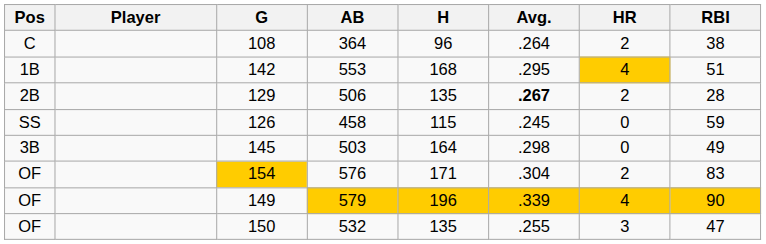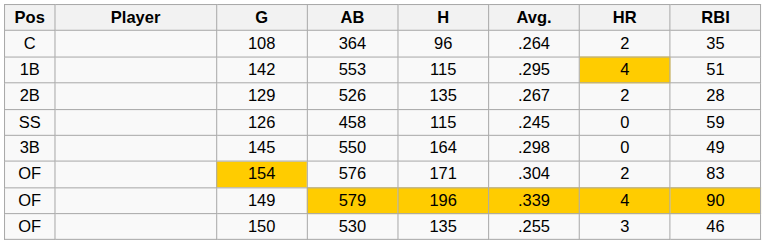 <table class="wikitable sortable">
 <tr>
 <th bgcolor="#DDDDFF" width="5%">Pos</th>
 <th bgcolor="#DDDDFF" width="16%">Player</th>
 <th bgcolor="#DDDDFF" width="9%">G</th>
 <th bgcolor="#DDDDFF" width="9%">AB</th>
 <th bgcolor="#DDDDFF" width="9%">H</th>
 <th bgcolor="#DDDDFF" width="9%">Avg.</th>
 <th bgcolor="#DDDDFF" width="9%">HR</th>
 <th bgcolor="#DDDDFF" width="9%">RBI</th>
 </tr>
 <tr align="center">
 <td>C</td>
 <td></td>
 <td>108</td>
 <td>364</td>
 <td>96</td>
 <td>.264</td>
 <td>2</td>
-<td>38</td>
+<td>35</td>
 </tr>
 <tr align="center">
 <td>1B</td>
 <td></td>
 <td>142</td>
 <td>553</td>
-<td>168</td>
+<td>115</td>
 <td>.295</td>
 <td style="background:#fc0;">4</td>
 <td>51</td>
 </tr>
 <tr align="center">
 <td>2B</td>
 <td></td>
 <td>129</td>
-<td>506</td>
+<td>526</td>
 <td>135</td>
-<td><strong>.267</strong></td>
+<td>.267</td>
 <td>2</td>
 <td>28</td>
 </tr>
 <tr align="center">
 <td>SS</td>
 <td></td>
 <td>126</td>
 <td>458</td>
 <td>115</td>
 <td>.245</td>
 <td>0</td>
 <td>59</td>
 </tr>
 <tr align="center">
 <td>3B</td>
 <td></td>
 <td>145</td>
-<td>503</td>
+<td>550</td>
 <td>164</td>
 <td>.298</td>
 <td>0</td>
 <td>49</td>
 </tr>
 <tr align="center">
 <td>OF</td>
 <td></td>
 <td style="background:#fc0;">154</td>
 <td>576</td>
 <td>171</td>
 <td>.304</td>
 <td>2</td>
 <td>83</td>
 </tr>
 <tr align="center">
 <td>OF</td>
 <td></td>
 <td>149</td>
 <td style="background:#fc0;">579</td>
 <td style="background:#fc0;">196</td>
 <td style="background:#fc0;">.339</td>
 <td style="background:#fc0;">4</td>
 <td style="background:#fc0;">90</td>
 </tr>
 <tr align="center">
 <td>OF</td>
 <td></td>
 <td>150</td>
-<td>532</td>
+<td>530</td>
 <td>135</td>
 <td>.255</td>
 <td>3</td>
-<td>47</td>
+<td>46</td>
 </tr>
 </table>
